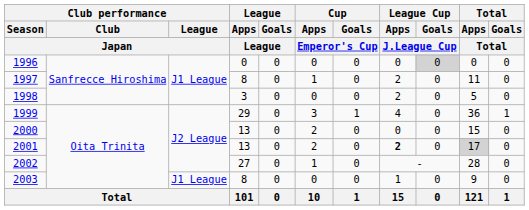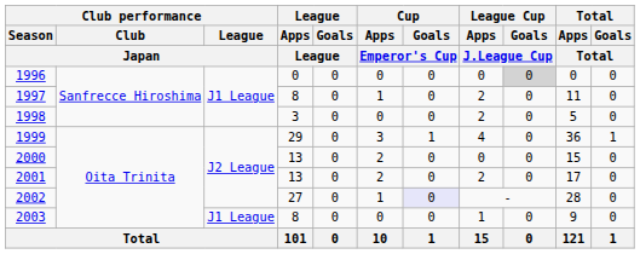 <table class="wikitable" style="text-align:center;">
 <tr>
 <th colspan=3>Club performance</th>
 <th colspan=2>League</th>
 <th colspan=2>Cup</th>
 <th colspan=2>League Cup</th>
 <th colspan=2>Total</th>
 </tr>
 <tr>
 <th>Season</th>
 <th>Club</th>
 <th>League</th>
 <th>Apps</th>
 <th>Goals</th>
 <th>Apps</th>
 <th>Goals</th>
 <th>Apps</th>
 <th>Goals</th>
 <th>Apps</th>
 <th>Goals</th>
 </tr>
 <tr>
 <th colspan=3>Japan</th>
 <th colspan=2>League</th>
 <th colspan=2><a href='#'>Emperor's Cup</a></th>
 <th colspan=2><a href='#'>J.League Cup</a></th>
 <th colspan=2>Total</th>
 </tr>
 <tr>
 <td><a href='#'>1996</a></td>
 <td rowspan="3"><a href='#'>Sanfrecce Hiroshima</a></td>
 <td rowspan="3"><a href='#'>J1 League</a></td>
 <td>0</td>
 <td>0</td>
 <td>0</td>
 <td>0</td>
 <td>0</td>
 <td style="background: lightgrey;">0</td>
 <td>0</td>
 <td>0</td>
 </tr>
 <tr>
 <td><a href='#'>1997</a></td>
 <td>8</td>
 <td>0</td>
 <td>1</td>
 <td>0</td>
 <td>2</td>
 <td>0</td>
 <td>11</td>
 <td>0</td>
 </tr>
 <tr>
 <td><a href='#'>1998</a></td>
 <td>3</td>
 <td>0</td>
 <td>0</td>
 <td>0</td>
 <td>2</td>
 <td>0</td>
 <td>5</td>
 <td>0</td>
 </tr>
 <tr>
 <td><a href='#'>1999</a></td>
 <td rowspan="5"><a href='#'>Oita Trinita</a></td>
 <td rowspan="4"><a href='#'>J2 League</a></td>
 <td>29</td>
 <td>0</td>
 <td>3</td>
 <td>1</td>
 <td>4</td>
 <td>0</td>
 <td>36</td>
 <td>1</td>
 </tr>
 <tr>
 <td><a href='#'>2000</a></td>
 <td>13</td>
 <td>0</td>
 <td>2</td>
 <td>0</td>
 <td>0</td>
 <td>0</td>
 <td>15</td>
 <td>0</td>
 </tr>
 <tr>
 <td><a href='#'>2001</a></td>
 <td>13</td>
 <td>0</td>
 <td>2</td>
 <td>0</td>
-<td><strong>2</strong></td>
+<td>2</td>
 <td>0</td>
-<td style="background: lightgrey;">17</td>
+<td>17</td>
 <td>0</td>
 </tr>
 <tr>
 <td><a href='#'>2002</a></td>
 <td>27</td>
 <td>0</td>
 <td>1</td>
-<td>0</td>
+<td style="background: lavender;">0</td>
 <td colspan="2">-</td>
 <td>28</td>
 <td>0</td>
 </tr>
 <tr>
 <td><a href='#'>2003</a></td>
 <td><a href='#'>J1 League</a></td>
 <td>8</td>
 <td>0</td>
 <td>0</td>
 <td>0</td>
 <td>1</td>
 <td>0</td>
 <td>9</td>
 <td>0</td>
 </tr>
 <tr>
 <th colspan=3>Total</th>
 <th>101</th>
 <th>0</th>
 <th>10</th>
 <th>1</th>
 <th>15</th>
 <th>0</th>
 <th>121</th>
 <th>1</th>
 </tr>
 </table>
